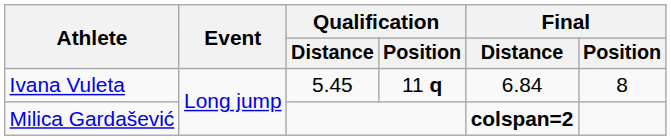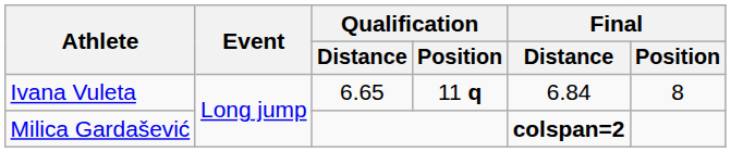 <table class=wikitable style="font-size:90%">
 <tr>
 <th rowspan="2">Athlete</th>
 <th rowspan="2">Event</th>
 <th colspan="2">Qualification</th>
 <th colspan="2">Final</th>
 </tr>
 <tr style="font-size:95%">
 <th>Distance</th>
 <th>Position</th>
 <th>Distance</th>
 <th>Position</th>
 </tr>
 <tr style=text-align:center>
 <td style=text-align:left><a href='#'>Ivana Vuleta</a></td>
 <td style=text-align:left rowspan=2><a href='#'>Long jump</a></td>
-<td>5.45</td>
+<td>6.65</td>
 <td>11 <strong>q</strong></td>
 <td>6.84</td>
 <td>8</td>
 </tr>
 <tr style=text-align:center>
 <td style=text-align:left><a href='#'>Milica Gardašević</a></td>
 <td colspan=2></td>
 <td><strong>colspan=2</strong></td>
 </tr>
 </table>
